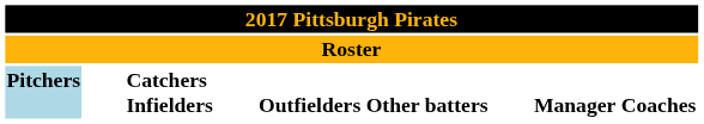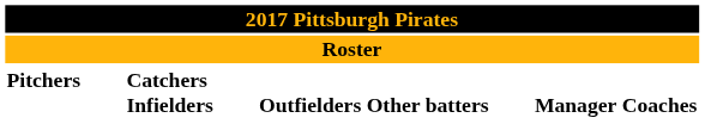 <table class="toccolours" style="font-size: 95%;">
 <tr>
 <th colspan="10" style="background:#000000; color:#FFB40B; text-align:center;">2017 Pittsburgh Pirates</th>
 </tr>
 <tr>
 <td colspan="10" style="background:#FFB40B; color:#000000; text-align:center;"><strong>Roster</strong></td>
 </tr>
 <tr>
-<td valign="top" style="background: lightblue;"><strong>Pitchers</strong><br>                       </td>
+<td valign="top"><strong>Pitchers</strong><br>                       </td>
 <td style="width:25px;"></td>
 <td valign="top"><strong>Catchers</strong><br>    <strong>Infielders</strong>          </td>
 <td style="width:25px;"></td>
 <td valign="top"><br><strong>Outfielders</strong>         <strong>Other batters</strong> </td>
 <td style="width:25px;"></td>
 <td valign="top"><br><strong>Manager</strong>  <strong>Coaches</strong>                    </td>
 </tr>
 </table>
